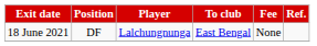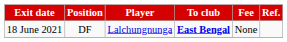 <table class="wikitable sortable">
 <tr>
 <th style="background:#d50000; color:white;"><strong>Exit date</strong></th>
 <th style="background:#d50000; color:white;"><strong>Position</strong></th>
 <th style="background:#d50000; color:white;"><strong>Player</strong></th>
 <th style="background:#d50000; color:white;"><strong>To club</strong></th>
 <th style="background:#d50000; color:white;"><strong>Fee</strong></th>
 <th style="background:#d50000; color:white;"><strong>Ref.</strong></th>
 </tr>
 <tr>
 <td>18 June 2021</td>
 <td style="text-align:center;">DF</td>
 <td style="text-align:left;"><a href='#'>Lalchungnunga</a></td>
-<td style="text-align:left;"> <a href='#'>East Bengal</a></td>
+<td style="text-align:left;"><strong> <a href='#'>East Bengal</a></strong></td>
 <td>None</td>
 <td></td>
 </tr>
 <tr>
 </tr>
 </table>
